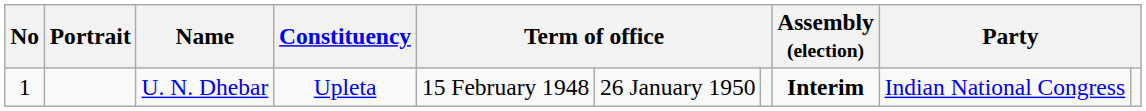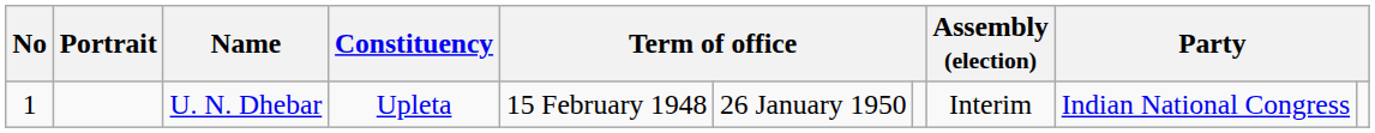 <table class="wikitable">
 <tr>
 <th>No</th>
 <th>Portrait</th>
 <th>Name</th>
 <th><a href='#'>Constituency</a></th>
 <th colspan="3">Term of office</th>
 <th>Assembly<br><small>(election)</small></th>
 <th colspan="2">Party</th>
 </tr>
 <tr align="center">
 <td rowspan="2">1</td>
 <td rowspan="2"></td>
 <td rowspan="2"><a href='#'>U. N. Dhebar</a></td>
 <td rowspan="2"><a href='#'>Upleta</a></td>
 <td rowspan="2">15 February 1948</td>
 <td rowspan="2">26 January 1950</td>
 <td rowspan="2"></td>
-<td><strong>Interim</strong></td>
+<td>Interim</td>
 <td rowspan="3"><a href='#'>Indian National Congress</a></td>
 <td rowspan="3" style="background-color: "></td>
 </tr>
 </table>
